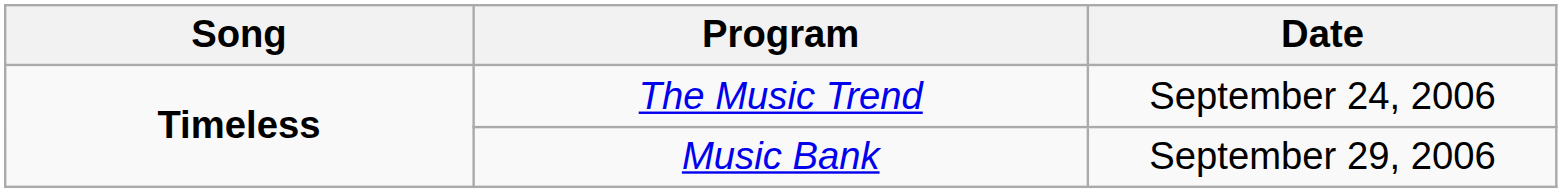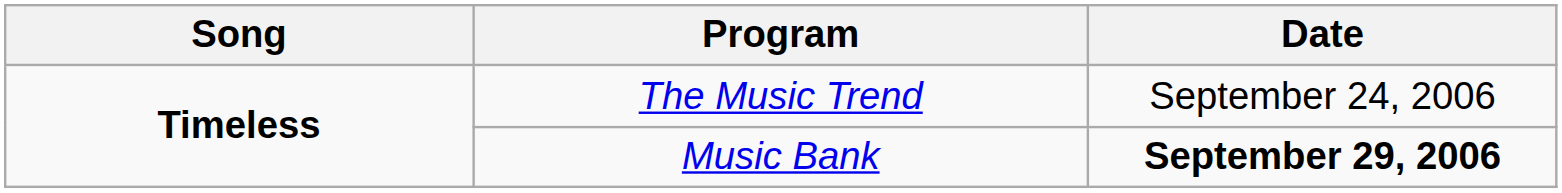 <table class="wikitable" style="text-align:center; width:650px;">
 <tr>
 <th style="width:150px;">Song</th>
 <th style="width:200px;">Program</th>
 <th style="width:150px;">Date</th>
 </tr>
 <tr>
 <td rowspan=2><strong>Timeless</strong></td>
 <td><em><a href='#'>The Music Trend</a></em></td>
 <td>September 24, 2006</td>
 </tr>
 <tr>
 <td><em><a href='#'>Music Bank</a></em></td>
-<td>September 29, 2006</td>
+<td><strong>September 29, 2006</strong></td>
 </tr>
 </table>
